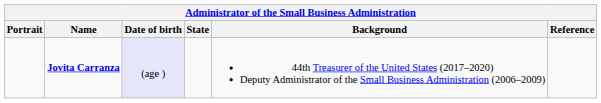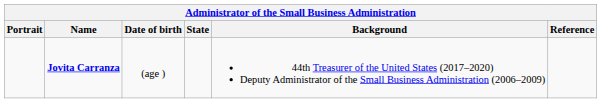 <table class="wikitable collapsible" style="text-align:center;">
 <tr>
 <th colspan="6"><a href='#'>Administrator of the Small Business Administration</a></th>
 </tr>
 <tr>
 <th>Portrait</th>
 <th>Name</th>
 <th>Date of birth</th>
 <th>State</th>
 <th>Background</th>
 <th>Reference</th>
 </tr>
 <tr>
 <td></td>
 <td><strong><a href='#'>Jovita Carranza</a></strong></td>
-<td style="background: lavender;"><br>(age )</td>
+<td><br>(age )</td>
 <td></td>
 <td><br><ul><li>44th <a href='#'>Treasurer of the United States</a> (2017–2020)</li><li>Deputy Administrator of the <a href='#'>Small Business Administration</a> (2006–2009)</li></ul></td>
 <td></td>
 </tr>
 </table>
